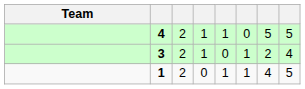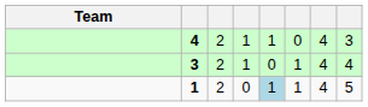 <table class="wikitable" style="text-align: center;">
 <tr>
 <th width=180>Team</th>
 <th width=20></th>
 <th width=20></th>
 <th width=20></th>
 <th width=20></th>
 <th width=20></th>
 <th width=20></th>
 <th width=20></th>
 </tr>
 <tr bgcolor=ccffcc>
 <td align=left></td>
 <td><strong>4</strong></td>
 <td>2</td>
 <td>1</td>
 <td>1</td>
 <td>0</td>
-<td>5</td>
-<td>5</td>
+<td>4</td>
+<td>3</td>
 </tr>
 <tr bgcolor=ccffcc>
 <td align=left></td>
 <td><strong>3</strong></td>
 <td>2</td>
 <td>1</td>
 <td>0</td>
 <td>1</td>
-<td>2</td>
+<td>4</td>
 <td>4</td>
 </tr>
 <tr>
 <td align=left></td>
 <td><strong>1</strong></td>
 <td>2</td>
 <td>0</td>
-<td>1</td>
+<td style="background: lightblue;">1</td>
 <td>1</td>
 <td>4</td>
 <td>5</td>
 </tr>
 </table>
